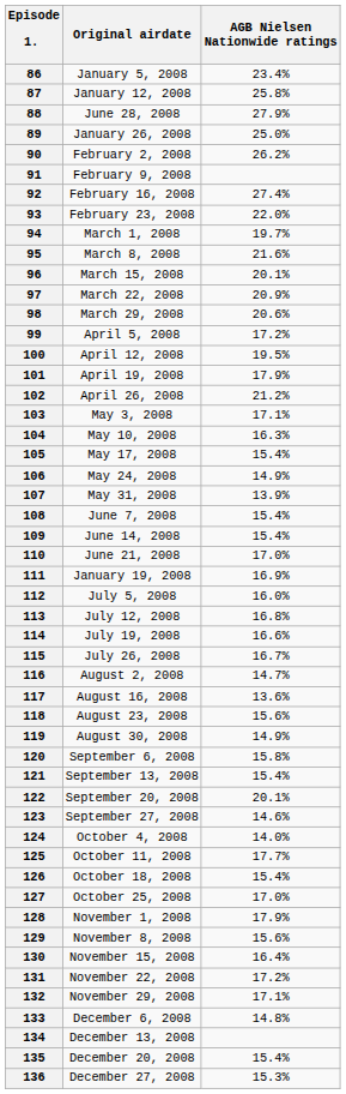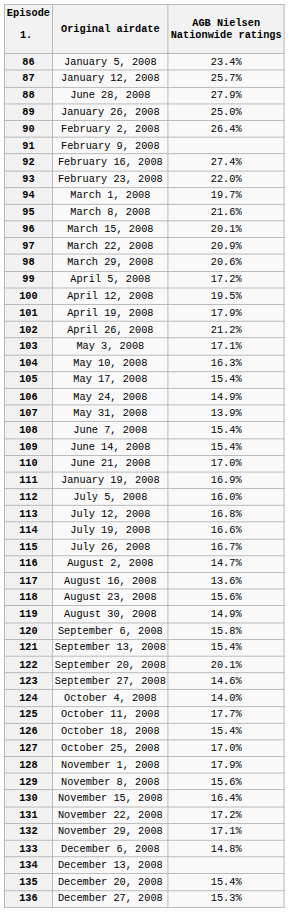 <table class=wikitable style="text-align:center">
 <tr>
 <th>Episode<br><ol><li></li></ol></th>
 <th>Original airdate</th>
 <th>AGB Nielsen<br>Nationwide ratings</th>
 </tr>
 <tr>
 <th>86</th>
 <td>January 5, 2008</td>
 <td>23.4%</td>
 </tr>
 <tr>
 <th>87</th>
 <td>January 12, 2008</td>
-<td>25.8%</td>
+<td>25.7%</td>
 </tr>
 <tr>
 <th>88</th>
 <td>June 28, 2008</td>
 <td>27.9%</td>
 </tr>
 <tr>
 <th>89</th>
 <td>January 26, 2008</td>
 <td>25.0%</td>
 </tr>
 <tr>
 <th>90</th>
 <td>February 2, 2008</td>
-<td>26.2%</td>
+<td>26.4%</td>
 </tr>
 <tr>
 <th>91</th>
 <td>February 9, 2008</td>
 <td></td>
 </tr>
 <tr>
 <th>92</th>
 <td>February 16, 2008</td>
 <td>27.4%</td>
 </tr>
 <tr>
 <th>93</th>
 <td>February 23, 2008</td>
 <td>22.0%</td>
 </tr>
 <tr>
 <th>94</th>
 <td>March 1, 2008</td>
 <td>19.7%</td>
 </tr>
 <tr>
 <th>95</th>
 <td>March 8, 2008</td>
 <td>21.6%</td>
 </tr>
 <tr>
 <th>96</th>
 <td>March 15, 2008</td>
 <td>20.1%</td>
 </tr>
 <tr>
 <th>97</th>
 <td>March 22, 2008</td>
 <td>20.9%</td>
 </tr>
 <tr>
 <th>98</th>
 <td>March 29, 2008</td>
 <td>20.6%</td>
 </tr>
 <tr>
 <th>99</th>
 <td>April 5, 2008</td>
 <td>17.2%</td>
 </tr>
 <tr>
 <th>100</th>
 <td>April 12, 2008</td>
 <td>19.5%</td>
 </tr>
 <tr>
 <th>101</th>
 <td>April 19, 2008</td>
 <td>17.9%</td>
 </tr>
 <tr>
 <th>102</th>
 <td>April 26, 2008</td>
 <td>21.2%</td>
 </tr>
 <tr>
 <th>103</th>
 <td>May 3, 2008</td>
 <td>17.1%</td>
 </tr>
 <tr>
 <th>104</th>
 <td>May 10, 2008</td>
 <td>16.3%</td>
 </tr>
 <tr>
 <th>105</th>
 <td>May 17, 2008</td>
 <td>15.4%</td>
 </tr>
 <tr>
 <th>106</th>
 <td>May 24, 2008</td>
 <td>14.9%</td>
 </tr>
 <tr>
 <th>107</th>
 <td>May 31, 2008</td>
 <td>13.9%</td>
 </tr>
 <tr>
 <th>108</th>
 <td>June 7, 2008</td>
 <td>15.4%</td>
 </tr>
 <tr>
 <th>109</th>
 <td>June 14, 2008</td>
 <td>15.4%</td>
 </tr>
 <tr>
 <th>110</th>
 <td>June 21, 2008</td>
 <td>17.0%</td>
 </tr>
 <tr>
 <th>111</th>
 <td>January 19, 2008</td>
 <td>16.9%</td>
 </tr>
 <tr>
 <th>112</th>
 <td>July 5, 2008</td>
 <td>16.0%</td>
 </tr>
 <tr>
 <th>113</th>
 <td>July 12, 2008</td>
 <td>16.8%</td>
 </tr>
 <tr>
 <th>114</th>
 <td>July 19, 2008</td>
 <td>16.6%</td>
 </tr>
 <tr>
 <th>115</th>
 <td>July 26, 2008</td>
 <td>16.7%</td>
 </tr>
 <tr>
 <th>116</th>
 <td>August 2, 2008</td>
 <td>14.7%</td>
 </tr>
 <tr>
 <th>117</th>
 <td>August 16, 2008</td>
 <td>13.6%</td>
 </tr>
 <tr>
 <th>118</th>
 <td>August 23, 2008</td>
 <td>15.6%</td>
 </tr>
 <tr>
 <th>119</th>
 <td>August 30, 2008</td>
 <td>14.9%</td>
 </tr>
 <tr>
 <th>120</th>
 <td>September 6, 2008</td>
 <td>15.8%</td>
 </tr>
 <tr>
 <th>121</th>
 <td>September 13, 2008</td>
 <td>15.4%</td>
 </tr>
 <tr>
 <th>122</th>
 <td>September 20, 2008</td>
 <td>20.1%</td>
 </tr>
 <tr>
 <th>123</th>
 <td>September 27, 2008</td>
 <td>14.6%</td>
 </tr>
 <tr>
 <th>124</th>
 <td>October 4, 2008</td>
 <td>14.0%</td>
 </tr>
 <tr>
 <th>125</th>
 <td>October 11, 2008</td>
 <td>17.7%</td>
 </tr>
 <tr>
 <th>126</th>
 <td>October 18, 2008</td>
 <td>15.4%</td>
 </tr>
 <tr>
 <th>127</th>
 <td>October 25, 2008</td>
 <td>17.0%</td>
 </tr>
 <tr>
 <th>128</th>
 <td>November 1, 2008</td>
 <td>17.9%</td>
 </tr>
 <tr>
 <th>129</th>
 <td>November 8, 2008</td>
 <td>15.6%</td>
 </tr>
 <tr>
 <th>130</th>
 <td>November 15, 2008</td>
 <td>16.4%</td>
 </tr>
 <tr>
 <th>131</th>
 <td>November 22, 2008</td>
 <td>17.2%</td>
 </tr>
 <tr>
 <th>132</th>
 <td>November 29, 2008</td>
 <td>17.1%</td>
 </tr>
 <tr>
 <th>133</th>
 <td>December 6, 2008</td>
 <td>14.8%</td>
 </tr>
 <tr>
 <th>134</th>
 <td>December 13, 2008</td>
 <td></td>
 </tr>
 <tr>
 <th>135</th>
 <td>December 20, 2008</td>
 <td>15.4%</td>
 </tr>
 <tr>
 <th>136</th>
 <td>December 27, 2008</td>
 <td>15.3%</td>
 </tr>
 </table>
